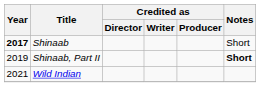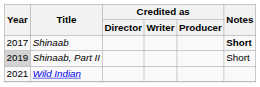 <table class="wikitable" style="text-align:center; margin-right:auto; margin-right:auto">
 <tr>
 <th rowspan="2">Year</th>
 <th rowspan="2">Title</th>
 <th colspan="3">Credited as</th>
 <th rowspan="2">Notes</th>
 </tr>
 <tr>
 <th>Director</th>
 <th>Writer</th>
 <th>Producer</th>
 </tr>
 <tr>
-<td><strong>2017</strong></td>
+<td>2017</td>
 <td align="left"><em>Shinaab</em></td>
 <td></td>
 <td></td>
 <td></td>
-<td align="left">Short</td>
+<td align="left"><strong>Short</strong></td>
 </tr>
 <tr>
-<td>2019</td>
+<td style="background: lightgrey;">2019</td>
 <td align="left"><em>Shinaab, Part II</em></td>
 <td></td>
 <td></td>
 <td></td>
-<td align="left"><strong>Short</strong></td>
+<td align="left">Short</td>
 </tr>
 <tr>
 <td>2021</td>
 <td align="left"><em><a href='#'>Wild Indian</a></em></td>
 <td></td>
 <td></td>
 <td></td>
 <td align="left"></td>
 </tr>
 <tr>
 </tr>
 </table>
